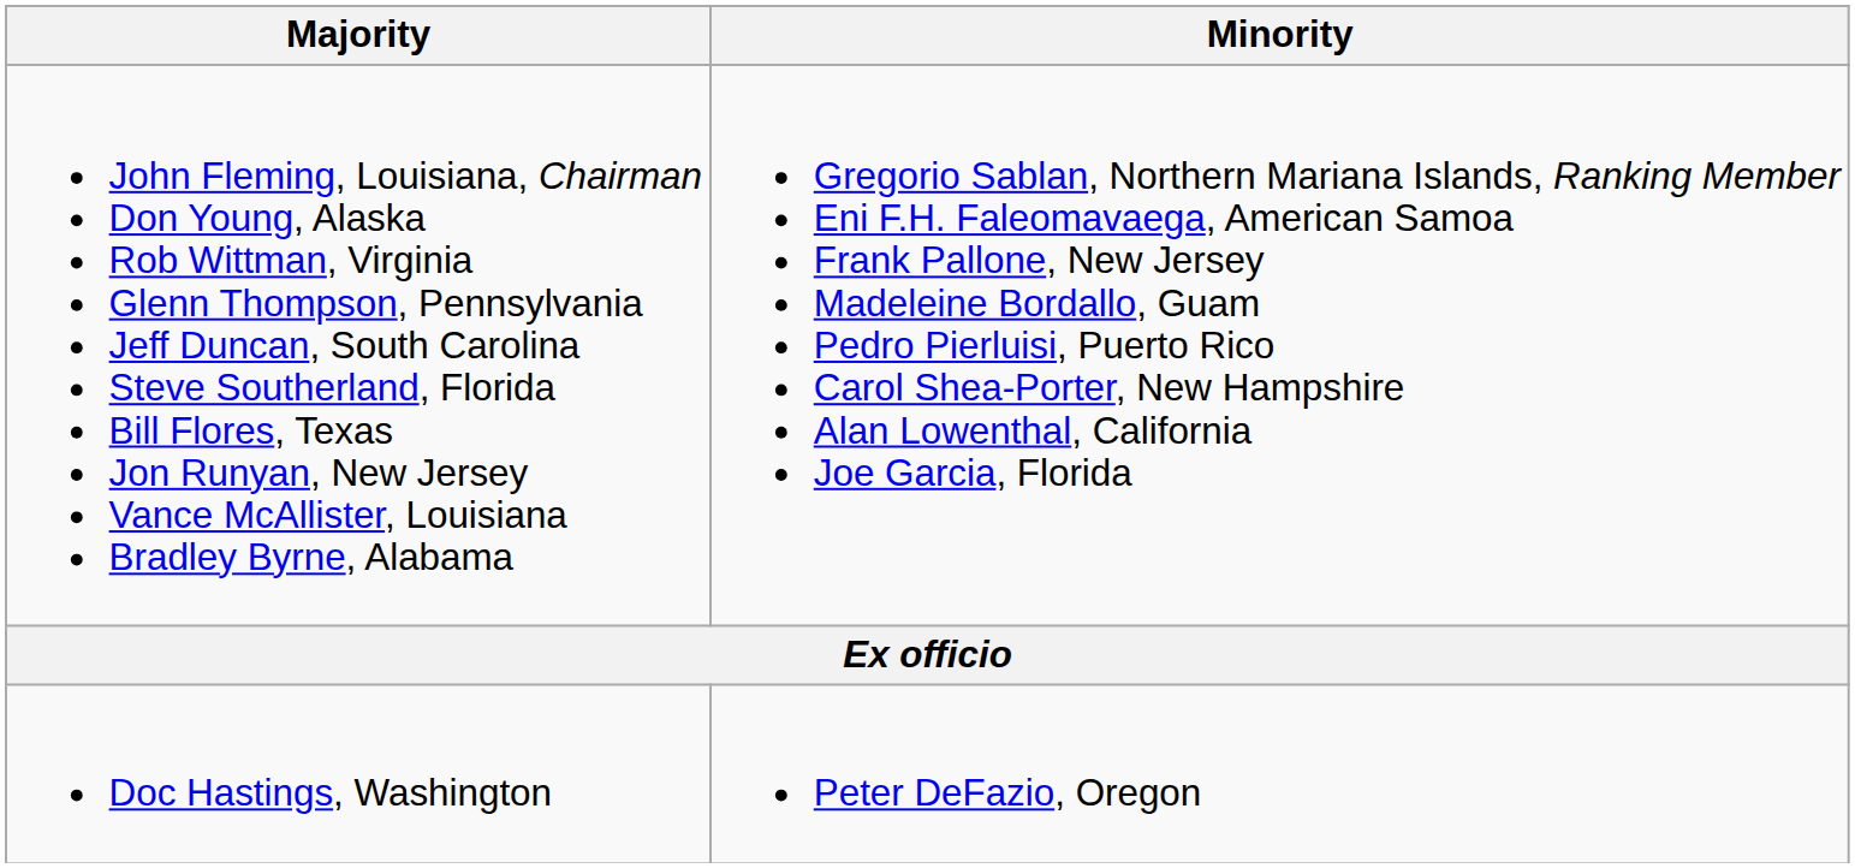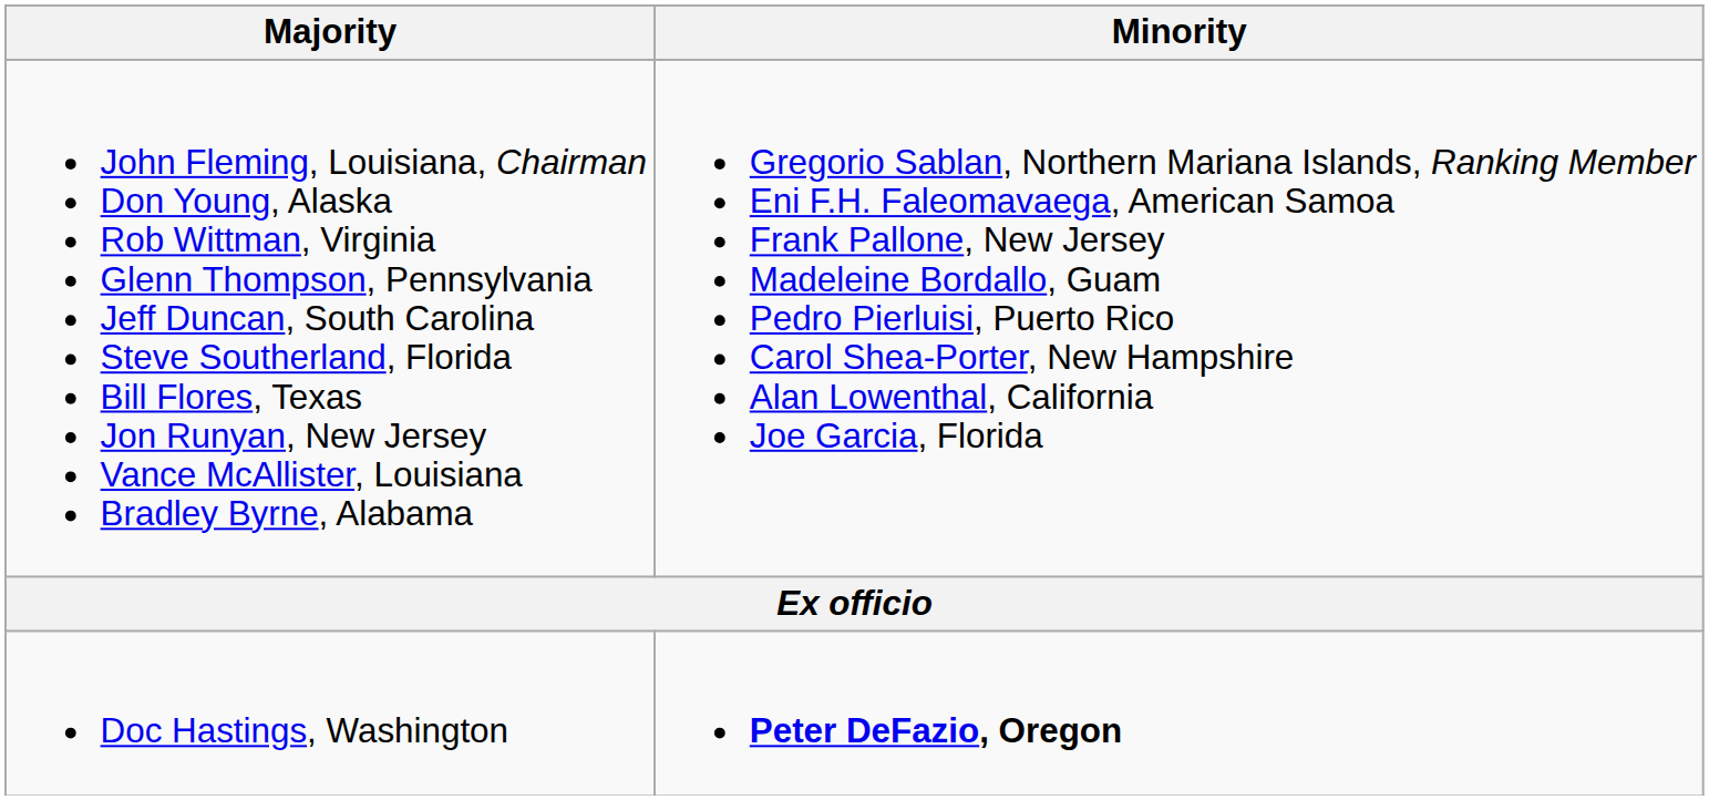 <table class=wikitable>
 <tr>
 <th>Majority</th>
 <th>Minority</th>
 </tr>
 <tr valign=top>
 <td><br><ul><li><a href='#'>John Fleming</a>, Louisiana, <em>Chairman</em></li><li><a href='#'>Don Young</a>, Alaska</li><li><a href='#'>Rob Wittman</a>, Virginia</li><li><a href='#'>Glenn Thompson</a>, Pennsylvania</li><li><a href='#'>Jeff Duncan</a>, South Carolina</li><li><a href='#'>Steve Southerland</a>, Florida</li><li><a href='#'>Bill Flores</a>, Texas</li><li><a href='#'>Jon Runyan</a>, New Jersey</li><li><a href='#'>Vance McAllister</a>, Louisiana</li><li><a href='#'>Bradley Byrne</a>, Alabama</li></ul></td>
 <td><br><ul><li><a href='#'>Gregorio Sablan</a>, Northern Mariana Islands, <em>Ranking Member</em></li><li><a href='#'>Eni F.H. Faleomavaega</a>, American Samoa</li><li><a href='#'>Frank Pallone</a>, New Jersey</li><li><a href='#'>Madeleine Bordallo</a>, Guam</li><li><a href='#'>Pedro Pierluisi</a>, Puerto Rico</li><li><a href='#'>Carol Shea-Porter</a>, New Hampshire</li><li><a href='#'>Alan Lowenthal</a>, California</li><li><a href='#'>Joe Garcia</a>, Florida</li></ul></td>
 </tr>
 <tr>
 <th colspan=2><em>Ex officio</em></th>
 </tr>
 <tr>
 <td><br><ul><li><a href='#'>Doc Hastings</a>, Washington</li></ul></td>
-<td><br><ul><li><a href='#'>Peter DeFazio</a>, Oregon</li></ul></td>
+<td><strong><br><ul><li><a href='#'>Peter DeFazio</a>, Oregon</li></ul></strong></td>
 </tr>
 </table>
